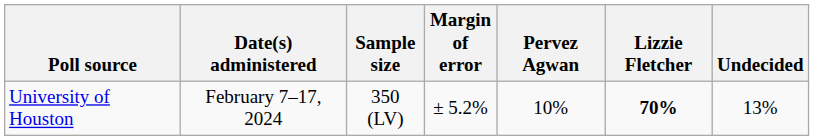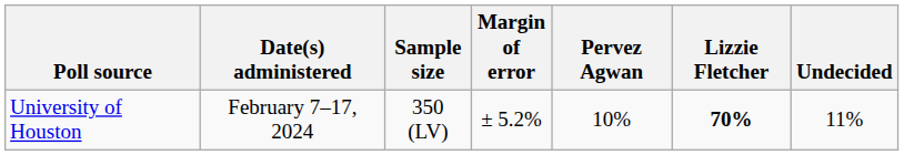 <table class="wikitable" style="font-size:90%;text-align:center;">
 <tr style="vertical-align:bottom">
 <th>Poll source</th>
 <th>Date(s)<br>administered</th>
 <th>Sample<br>size</th>
 <th>Margin<br>of error</th>
 <th style="width:75px;">Pervez<br>Agwan</th>
 <th style="width:75px;">Lizzie<br>Fletcher</th>
 <th>Undecided</th>
 </tr>
 <tr>
 <td style="text-align:left;"><a href='#'>University of Houston</a></td>
 <td>February 7–17, 2024</td>
 <td>350 (LV)</td>
 <td>± 5.2%</td>
 <td>10%</td>
 <td style="color:black;background-color:"><strong>70%</strong></td>
-<td>13%</td>
+<td>11%</td>
 </tr>
 </table>
